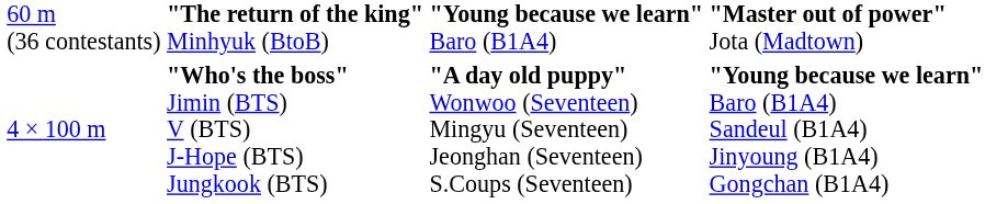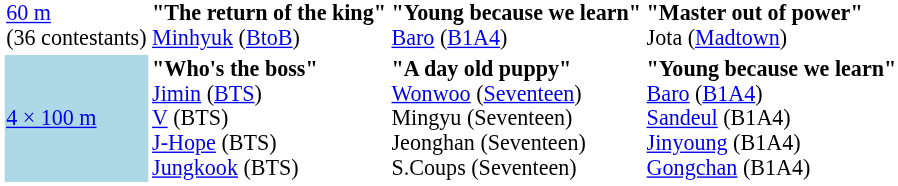 <table>
 <tr>
 <td><a href='#'>60 m</a><br>(36 contestants)</td>
 <td><strong>"The return of the king"</strong><br><a href='#'>Minhyuk</a> (<a href='#'>BtoB</a>)</td>
 <td><strong>"Young because we learn"</strong><br><a href='#'>Baro</a> (<a href='#'>B1A4</a>)</td>
 <td><strong>"Master out of power"</strong><br>Jota (<a href='#'>Madtown</a>)</td>
 </tr>
 <tr>
-<td><a href='#'>4 × 100 m</a></td>
+<td style="background: lightblue;"><a href='#'>4 × 100 m</a></td>
 <td><strong>"Who's the boss"</strong><br><a href='#'>Jimin</a> (<a href='#'>BTS</a>)<br><a href='#'>V</a> (BTS)<br><a href='#'>J-Hope</a> (BTS)<br><a href='#'>Jungkook</a> (BTS)</td>
 <td><strong>"A day old puppy"</strong><br><a href='#'>Wonwoo</a> (<a href='#'>Seventeen</a>)<br>Mingyu (Seventeen)<br>Jeonghan (Seventeen)<br>S.Coups (Seventeen)</td>
 <td><strong>"Young because we learn"</strong><br><a href='#'>Baro</a> (<a href='#'>B1A4</a>)<br><a href='#'>Sandeul</a> (B1A4)<br><a href='#'>Jinyoung</a> (B1A4)<br><a href='#'>Gongchan</a> (B1A4)</td>
 </tr>
 </table>
